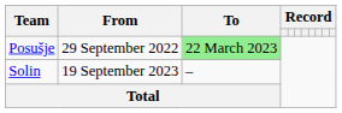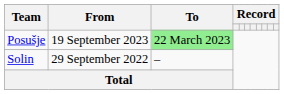 <table class="wikitable" style="text-align: center">
 <tr>
 <th rowspan="2">Team</th>
 <th rowspan="2">From</th>
 <th rowspan="2">To</th>
 <th colspan="8">Record</th>
 </tr>
 <tr>
 <th></th>
 <th></th>
 <th></th>
 <th></th>
 <th></th>
 <th></th>
 <th></th>
 <th></th>
 </tr>
 <tr>
 <td align="left"><a href='#'>Posušje</a></td>
-<td align="left">29 September 2022</td>
+<td align="left">19 September 2023</td>
 <td align="left" style="background: lightgreen;">22 March 2023<br></td>
 </tr>
 <tr>
 <td align="left"><a href='#'>Solin</a></td>
-<td align="left">19 September 2023</td>
+<td align="left">29 September 2022</td>
 <td align="left">–<br></td>
 </tr>
 <tr>
 <th colspan="3">Total<br></th>
 </tr>
 </table>
